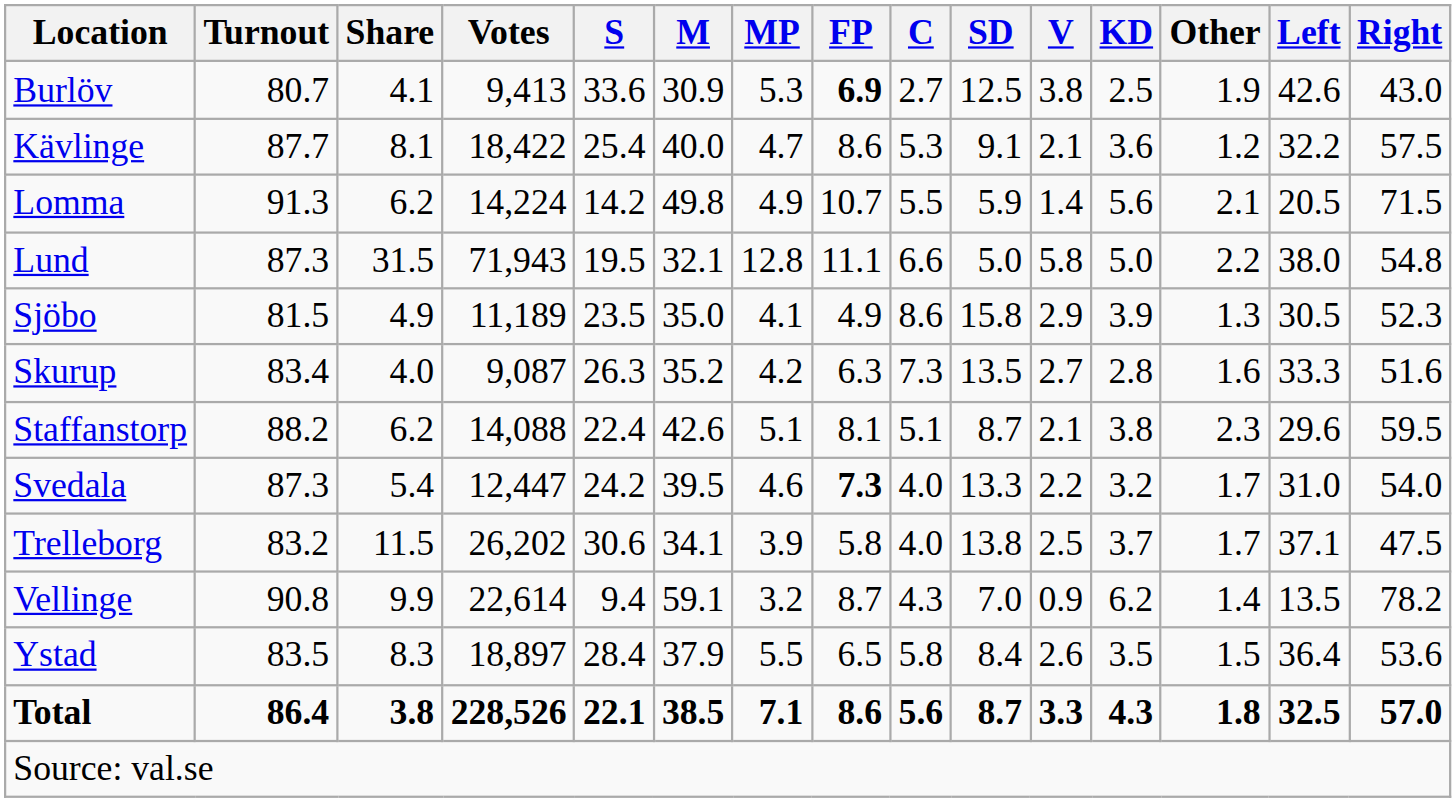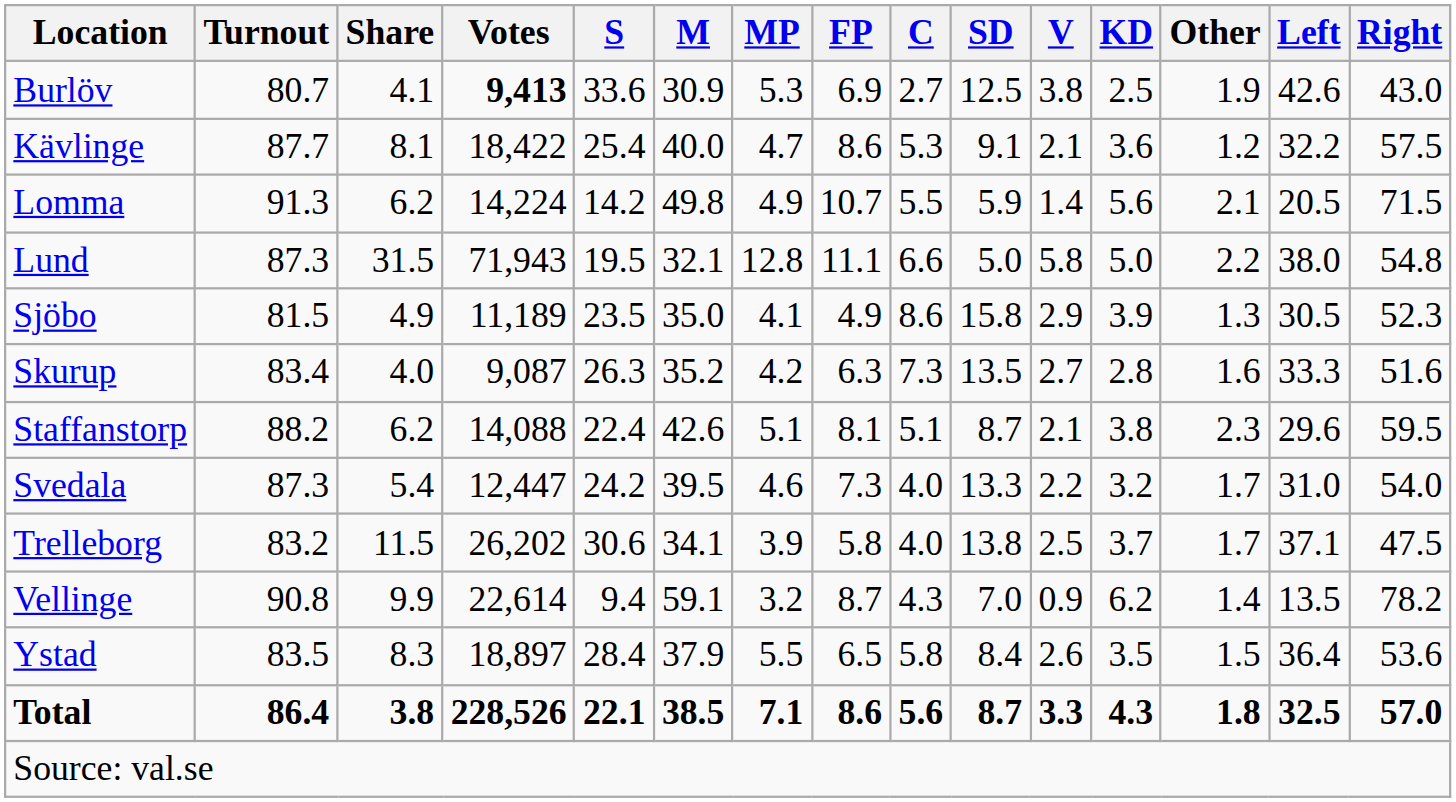 <table class="wikitable sortable" style=text-align:right>
 <tr>
 <th>Location</th>
 <th>Turnout</th>
 <th>Share</th>
 <th>Votes</th>
 <th><a href='#'>S</a></th>
 <th><a href='#'>M</a></th>
 <th><a href='#'>MP</a></th>
 <th><a href='#'>FP</a></th>
 <th><a href='#'>C</a></th>
 <th><a href='#'>SD</a></th>
 <th><a href='#'>V</a></th>
 <th><a href='#'>KD</a></th>
 <th>Other</th>
 <th><a href='#'>Left</a></th>
 <th><a href='#'>Right</a></th>
 </tr>
 <tr>
 <td align=left><a href='#'>Burlöv</a></td>
 <td>80.7</td>
 <td>4.1</td>
-<td>9,413</td>
+<td><strong>9,413</strong></td>
 <td>33.6</td>
 <td>30.9</td>
 <td>5.3</td>
-<td><strong>6.9</strong></td>
+<td>6.9</td>
 <td>2.7</td>
 <td>12.5</td>
 <td>3.8</td>
 <td>2.5</td>
 <td>1.9</td>
 <td>42.6</td>
 <td>43.0</td>
 </tr>
 <tr>
 <td align=left><a href='#'>Kävlinge</a></td>
 <td>87.7</td>
 <td>8.1</td>
 <td>18,422</td>
 <td>25.4</td>
 <td>40.0</td>
 <td>4.7</td>
 <td>8.6</td>
 <td>5.3</td>
 <td>9.1</td>
 <td>2.1</td>
 <td>3.6</td>
 <td>1.2</td>
 <td>32.2</td>
 <td>57.5</td>
 </tr>
 <tr>
 <td align=left><a href='#'>Lomma</a></td>
 <td>91.3</td>
 <td>6.2</td>
 <td>14,224</td>
 <td>14.2</td>
 <td>49.8</td>
 <td>4.9</td>
 <td>10.7</td>
 <td>5.5</td>
 <td>5.9</td>
 <td>1.4</td>
 <td>5.6</td>
 <td>2.1</td>
 <td>20.5</td>
 <td>71.5</td>
 </tr>
 <tr>
 <td align=left><a href='#'>Lund</a></td>
 <td>87.3</td>
 <td>31.5</td>
 <td>71,943</td>
 <td>19.5</td>
 <td>32.1</td>
 <td>12.8</td>
 <td>11.1</td>
 <td>6.6</td>
 <td>5.0</td>
 <td>5.8</td>
 <td>5.0</td>
 <td>2.2</td>
 <td>38.0</td>
 <td>54.8</td>
 </tr>
 <tr>
 <td align=left><a href='#'>Sjöbo</a></td>
 <td>81.5</td>
 <td>4.9</td>
 <td>11,189</td>
 <td>23.5</td>
 <td>35.0</td>
 <td>4.1</td>
 <td>4.9</td>
 <td>8.6</td>
 <td>15.8</td>
 <td>2.9</td>
 <td>3.9</td>
 <td>1.3</td>
 <td>30.5</td>
 <td>52.3</td>
 </tr>
 <tr>
 <td align=left><a href='#'>Skurup</a></td>
 <td>83.4</td>
 <td>4.0</td>
 <td>9,087</td>
 <td>26.3</td>
 <td>35.2</td>
 <td>4.2</td>
 <td>6.3</td>
 <td>7.3</td>
 <td>13.5</td>
 <td>2.7</td>
 <td>2.8</td>
 <td>1.6</td>
 <td>33.3</td>
 <td>51.6</td>
 </tr>
 <tr>
 <td align=left><a href='#'>Staffanstorp</a></td>
 <td>88.2</td>
 <td>6.2</td>
 <td>14,088</td>
 <td>22.4</td>
 <td>42.6</td>
 <td>5.1</td>
 <td>8.1</td>
 <td>5.1</td>
 <td>8.7</td>
 <td>2.1</td>
 <td>3.8</td>
 <td>2.3</td>
 <td>29.6</td>
 <td>59.5</td>
 </tr>
 <tr>
 <td align=left><a href='#'>Svedala</a></td>
 <td>87.3</td>
 <td>5.4</td>
 <td>12,447</td>
 <td>24.2</td>
 <td>39.5</td>
 <td>4.6</td>
-<td><strong>7.3</strong></td>
+<td>7.3</td>
 <td>4.0</td>
 <td>13.3</td>
 <td>2.2</td>
 <td>3.2</td>
 <td>1.7</td>
 <td>31.0</td>
 <td>54.0</td>
 </tr>
 <tr>
 <td align=left><a href='#'>Trelleborg</a></td>
 <td>83.2</td>
 <td>11.5</td>
 <td>26,202</td>
 <td>30.6</td>
 <td>34.1</td>
 <td>3.9</td>
 <td>5.8</td>
 <td>4.0</td>
 <td>13.8</td>
 <td>2.5</td>
 <td>3.7</td>
 <td>1.7</td>
 <td>37.1</td>
 <td>47.5</td>
 </tr>
 <tr>
 <td align=left><a href='#'>Vellinge</a></td>
 <td>90.8</td>
 <td>9.9</td>
 <td>22,614</td>
 <td>9.4</td>
 <td>59.1</td>
 <td>3.2</td>
 <td>8.7</td>
 <td>4.3</td>
 <td>7.0</td>
 <td>0.9</td>
 <td>6.2</td>
 <td>1.4</td>
 <td>13.5</td>
 <td>78.2</td>
 </tr>
 <tr>
 <td align=left><a href='#'>Ystad</a></td>
 <td>83.5</td>
 <td>8.3</td>
 <td>18,897</td>
 <td>28.4</td>
 <td>37.9</td>
 <td>5.5</td>
 <td>6.5</td>
 <td>5.8</td>
 <td>8.4</td>
 <td>2.6</td>
 <td>3.5</td>
 <td>1.5</td>
 <td>36.4</td>
 <td>53.6</td>
 </tr>
 <tr>
 <td align=left><strong>Total</strong></td>
 <td><strong>86.4</strong></td>
 <td><strong>3.8</strong></td>
 <td><strong>228,526</strong></td>
 <td><strong>22.1</strong></td>
 <td><strong>38.5</strong></td>
 <td><strong>7.1</strong></td>
 <td><strong>8.6</strong></td>
 <td><strong>5.6</strong></td>
 <td><strong>8.7</strong></td>
 <td><strong>3.3</strong></td>
 <td><strong>4.3</strong></td>
 <td><strong>1.8</strong></td>
 <td><strong>32.5</strong></td>
 <td><strong>57.0</strong></td>
 </tr>
 <tr>
 <td align=left colspan=15>Source: val.se </td>
 </tr>
 </table>
